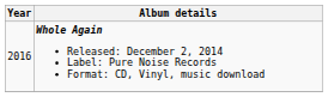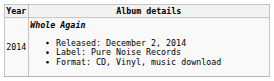 <table class="wikitable">
 <tr>
 <th width="20">Year</th>
 <th width="370">Album details</th>
 </tr>
 <tr>
-<td>2016</td>
+<td>2014</td>
 <td><strong><em>Whole Again</em></strong><br><ul><li>Released: December 2, 2014</li><li>Label: Pure Noise Records</li><li>Format: CD, Vinyl, music download</li></ul></td>
 </tr>
 <tr>
 </tr>
 </table>
